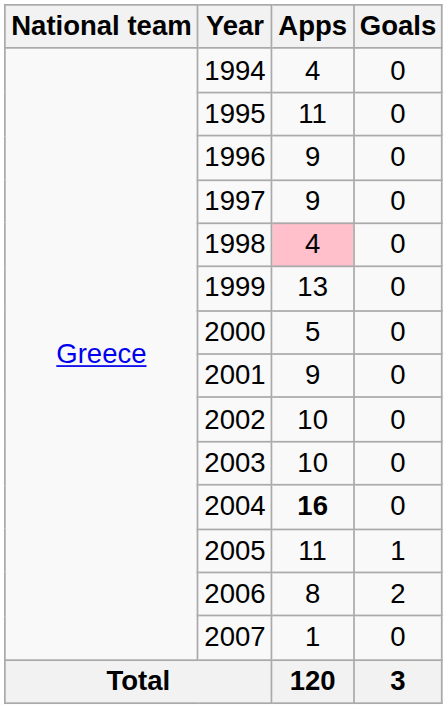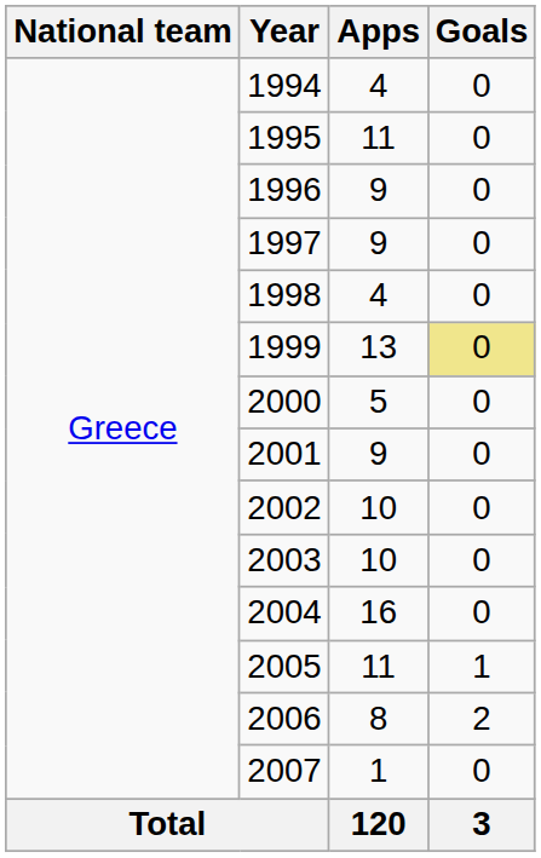 <table class="wikitable" style="text-align:center">
 <tr>
 <th>National team</th>
 <th>Year</th>
 <th>Apps</th>
 <th>Goals</th>
 </tr>
 <tr>
 <td rowspan="14"><a href='#'>Greece</a></td>
 <td>1994</td>
 <td>4</td>
 <td>0</td>
 </tr>
 <tr>
 <td>1995</td>
 <td>11</td>
 <td>0</td>
 </tr>
 <tr>
 <td>1996</td>
 <td>9</td>
 <td>0</td>
 </tr>
 <tr>
 <td>1997</td>
 <td>9</td>
 <td>0</td>
 </tr>
 <tr>
 <td>1998</td>
-<td style="background: pink;">4</td>
+<td>4</td>
 <td>0</td>
 </tr>
 <tr>
 <td>1999</td>
 <td>13</td>
-<td>0</td>
+<td style="background: khaki;">0</td>
 </tr>
 <tr>
 <td>2000</td>
 <td>5</td>
 <td>0</td>
 </tr>
 <tr>
 <td>2001</td>
 <td>9</td>
 <td>0</td>
 </tr>
 <tr>
 <td>2002</td>
 <td>10</td>
 <td>0</td>
 </tr>
 <tr>
 <td>2003</td>
 <td>10</td>
 <td>0</td>
 </tr>
 <tr>
 <td>2004</td>
-<td><strong>16</strong></td>
+<td>16</td>
 <td>0</td>
 </tr>
 <tr>
 <td>2005</td>
 <td>11</td>
 <td>1</td>
 </tr>
 <tr>
 <td>2006</td>
 <td>8</td>
 <td>2</td>
 </tr>
 <tr>
 <td>2007</td>
 <td>1</td>
 <td>0</td>
 </tr>
 <tr>
 <th colspan="2">Total</th>
 <th>120</th>
 <th>3</th>
 </tr>
 </table>
